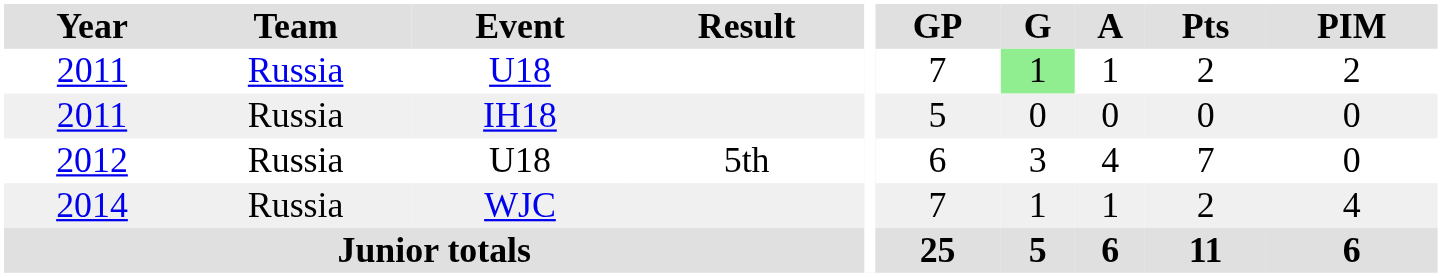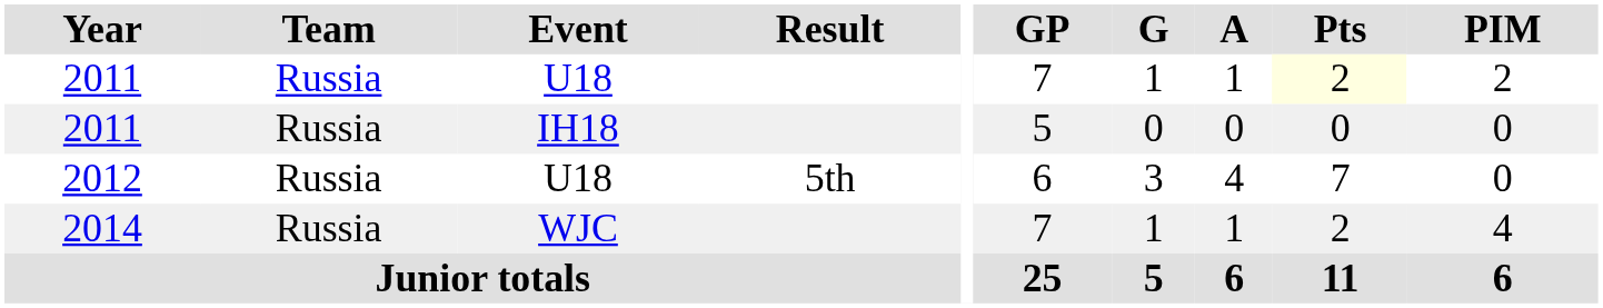 <table border="0" cellpadding="1" cellspacing="0" ID="Table3" style="text-align:center; width:40em">
 <tr ALIGN="center" bgcolor="#e0e0e0">
 <th>Year</th>
 <th>Team</th>
 <th>Event</th>
 <th>Result</th>
 <th rowspan="99" bgcolor="#ffffff"></th>
 <th>GP</th>
 <th>G</th>
 <th>A</th>
 <th>Pts</th>
 <th>PIM</th>
 </tr>
 <tr>
 <td><a href='#'>2011</a></td>
 <td><a href='#'>Russia</a></td>
 <td><a href='#'>U18</a></td>
 <td></td>
 <td>7</td>
-<td style="background: lightgreen;">1</td>
 <td>1</td>
-<td>2</td>
+<td>1</td>
+<td style="background: lightyellow;">2</td>
 <td>2</td>
 </tr>
 <tr ALIGN="center"  bgcolor="#f0f0f0">
 <td><a href='#'>2011</a></td>
 <td>Russia</td>
 <td><a href='#'>IH18</a></td>
 <td></td>
 <td>5</td>
 <td>0</td>
 <td>0</td>
 <td>0</td>
 <td>0</td>
 </tr>
 <tr>
 <td><a href='#'>2012</a></td>
 <td>Russia</td>
 <td>U18</td>
 <td>5th</td>
 <td>6</td>
 <td>3</td>
 <td>4</td>
 <td>7</td>
 <td>0</td>
 </tr>
 <tr ALIGN="center"  bgcolor="#f0f0f0">
 <td><a href='#'>2014</a></td>
 <td>Russia</td>
 <td><a href='#'>WJC</a></td>
 <td></td>
 <td>7</td>
 <td>1</td>
 <td>1</td>
 <td>2</td>
 <td>4</td>
 </tr>
 <tr ALIGN="center" bgcolor="#e0e0e0">
 <th colspan=4>Junior totals</th>
 <th>25</th>
 <th>5</th>
 <th>6</th>
 <th>11</th>
 <th>6</th>
 </tr>
 </table>
